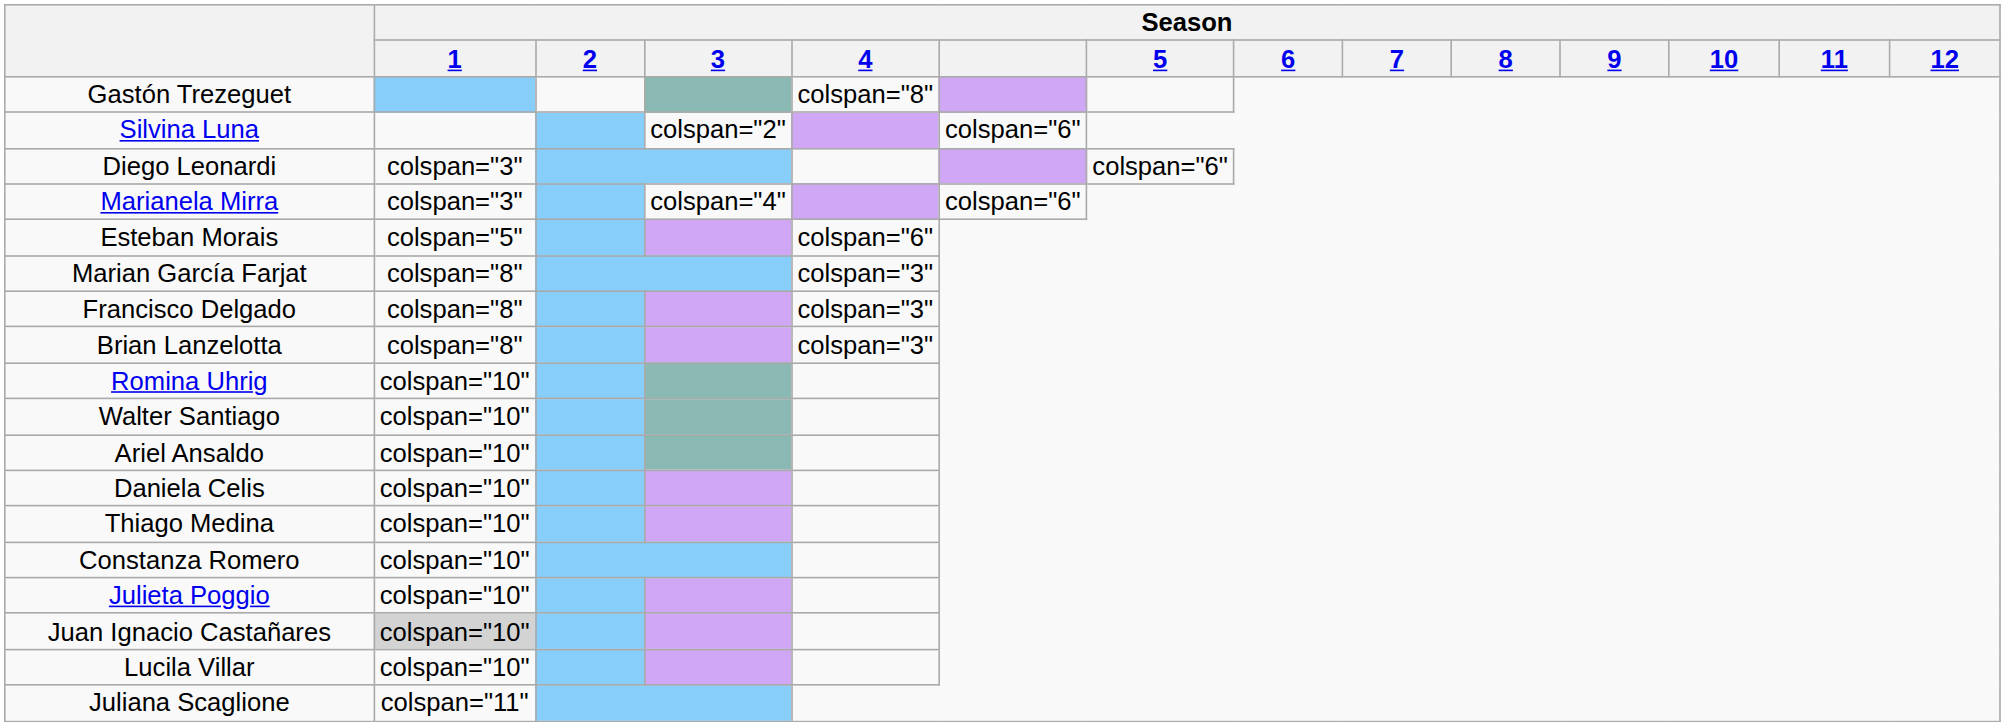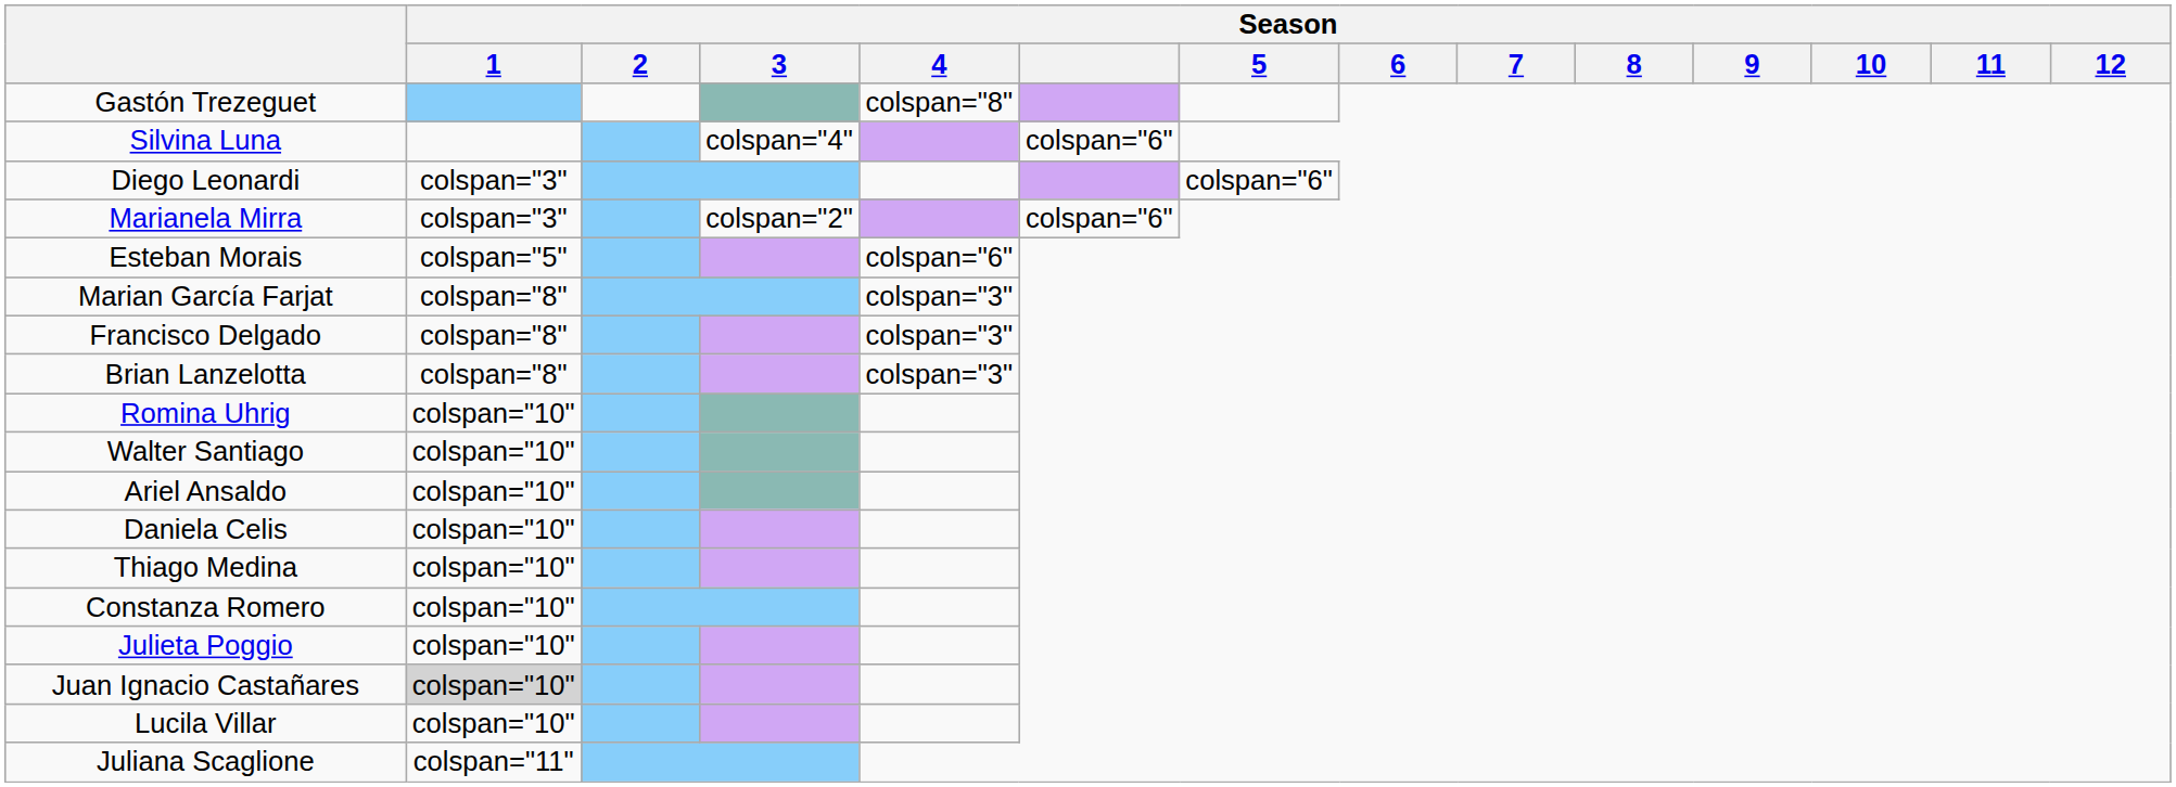 <table class="wikitable" style="text-align:center; line-height:15px; font-size:100%">
 <tr>
 <th rowspan="2" style="width:20%"></th>
 <th colspan="13">Season</th>
 </tr>
 <tr>
 <th style="width:6%"><a href='#'>1</a></th>
 <th style="width:6%"><a href='#'>2</a></th>
 <th style="width:6%"><a href='#'>3</a></th>
 <th style="width:6%"><a href='#'>4</a></th>
 <th style="width:6%"><a href='#'></a></th>
 <th style="width:6%"><a href='#'>5</a></th>
 <th style="width:6%"><a href='#'>6</a></th>
 <th style="width:6%"><a href='#'>7</a></th>
 <th style="width:6%"><a href='#'>8</a></th>
 <th style="width:6%"><a href='#'>9</a></th>
 <th style="width:6%"><a href='#'>10</a></th>
 <th style="width:6%"><a href='#'>11</a></th>
 <th style="width:6%"><a href='#'>12</a></th>
 </tr>
 <tr>
 <td>Gastón Trezeguet</td>
 <td bgcolor="#87CEFA"></td>
 <td></td>
 <td bgcolor="#8AB9B3"></td>
 <td>colspan="8" </td>
 <td bgcolor="#D0A7F4"></td>
 <td></td>
 </tr>
 <tr>
 <td><a href='#'>Silvina Luna</a></td>
 <td></td>
 <td bgcolor="87CEFA"></td>
-<td>colspan="2"  </td>
+<td>colspan="4" </td>
 <td bgcolor="#D0A7F4"></td>
 <td>colspan="6" </td>
 </tr>
 <tr>
 <td>Diego Leonardi</td>
 <td>colspan="3" </td>
 <td colspan="2" bgcolor="#87CEFA"></td>
 <td></td>
 <td bgcolor="#D0A7F4"></td>
 <td>colspan="6" </td>
 </tr>
 <tr>
 <td><a href='#'>Marianela Mirra</a></td>
 <td>colspan="3" </td>
 <td bgcolor="#87CEFA"></td>
-<td>colspan="4" </td>
+<td>colspan="2"  </td>
 <td bgcolor="#D0A7F4"></td>
 <td>colspan="6" </td>
 </tr>
 <tr>
 <td>Esteban Morais</td>
 <td>colspan="5" </td>
 <td bgcolor="#87CEFA"></td>
 <td bgcolor="#D0A7F4"></td>
 <td>colspan="6" </td>
 </tr>
 <tr>
 <td>Marian García Farjat</td>
 <td>colspan="8" </td>
 <td bgcolor="#87CEFA" colspan="2"></td>
 <td>colspan="3" </td>
 </tr>
 <tr>
 <td>Francisco Delgado</td>
 <td>colspan="8" </td>
 <td bgcolor="#87CEFA"></td>
 <td bgcolor="#D0A7F4"></td>
 <td>colspan="3" </td>
 </tr>
 <tr>
 <td>Brian Lanzelotta</td>
 <td>colspan="8" </td>
 <td bgcolor="#87CEFA"></td>
 <td bgcolor="#D0A7F4"></td>
 <td>colspan="3" </td>
 </tr>
 <tr>
 <td><a href='#'>Romina Uhrig</a></td>
 <td>colspan="10" </td>
 <td bgcolor="#87CEFA"></td>
 <td bgcolor="#8AB9B3"></td>
 <td></td>
 </tr>
 <tr>
 <td>Walter Santiago</td>
 <td>colspan="10" </td>
 <td bgcolor="#87CEFA"></td>
 <td bgcolor="#8AB9B3"></td>
 <td></td>
 </tr>
 <tr>
 <td>Ariel Ansaldo</td>
 <td>colspan="10" </td>
 <td bgcolor="#87CEFA"></td>
 <td bgcolor="#8AB9B3"></td>
 <td></td>
 </tr>
 <tr>
 <td>Daniela Celis</td>
 <td>colspan="10" </td>
 <td bgcolor="#87CEFA"></td>
 <td bgcolor="#D0A7F4"></td>
 <td></td>
 </tr>
 <tr>
 <td>Thiago Medina</td>
 <td>colspan="10" </td>
 <td bgcolor="#87CEFA"></td>
 <td bgcolor="#D0A7F4"></td>
 <td></td>
 </tr>
 <tr>
 <td>Constanza Romero</td>
 <td>colspan="10" </td>
 <td colspan="2" bgcolor="#87CEFA"></td>
 <td></td>
 </tr>
 <tr>
 <td><a href='#'>Julieta Poggio</a></td>
 <td>colspan="10" </td>
 <td bgcolor="#87CEFA"></td>
 <td bgcolor="#D0A7F4"></td>
 <td></td>
 </tr>
 <tr>
 <td>Juan Ignacio Castañares</td>
 <td style="background: lightgrey;">colspan="10" </td>
 <td bgcolor="#87CEFA"></td>
 <td bgcolor="#D0A7F4"></td>
 <td></td>
 </tr>
 <tr>
 <td>Lucila Villar</td>
 <td>colspan="10" </td>
 <td bgcolor="#87CEFA"></td>
 <td bgcolor="#D0A7F4"></td>
 <td></td>
 </tr>
 <tr>
 <td>Juliana Scaglione</td>
 <td>colspan="11" </td>
 <td colspan="2" bgcolor="#87CEFA"></td>
 </tr>
 </table>
